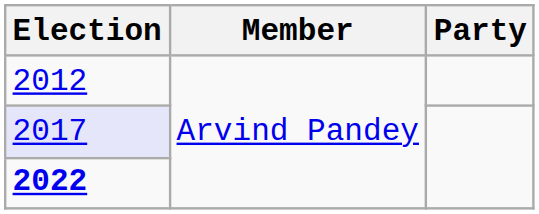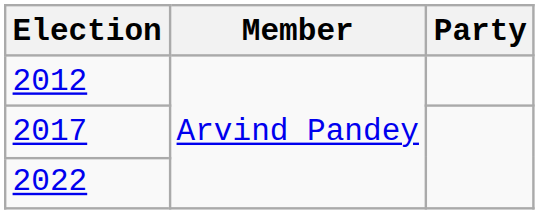 <table class="wikitable sortable">
 <tr>
 <th>Election</th>
 <th>Member</th>
 <th colspan=2>Party</th>
 </tr>
 <tr>
 <td><a href='#'>2012</a></td>
 <td rowspan=3><a href='#'>Arvind Pandey</a></td>
 <td></td>
 </tr>
 <tr>
-<td style="background: lavender;"><a href='#'>2017</a></td>
+<td><a href='#'>2017</a></td>
 </tr>
 <tr>
-<td><strong><a href='#'>2022</a></strong></td>
+<td><a href='#'>2022</a></td>
 </tr>
 </table>
